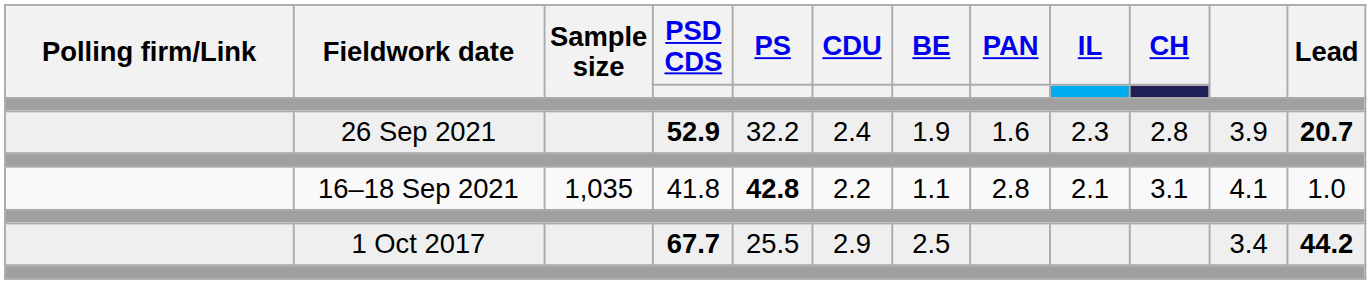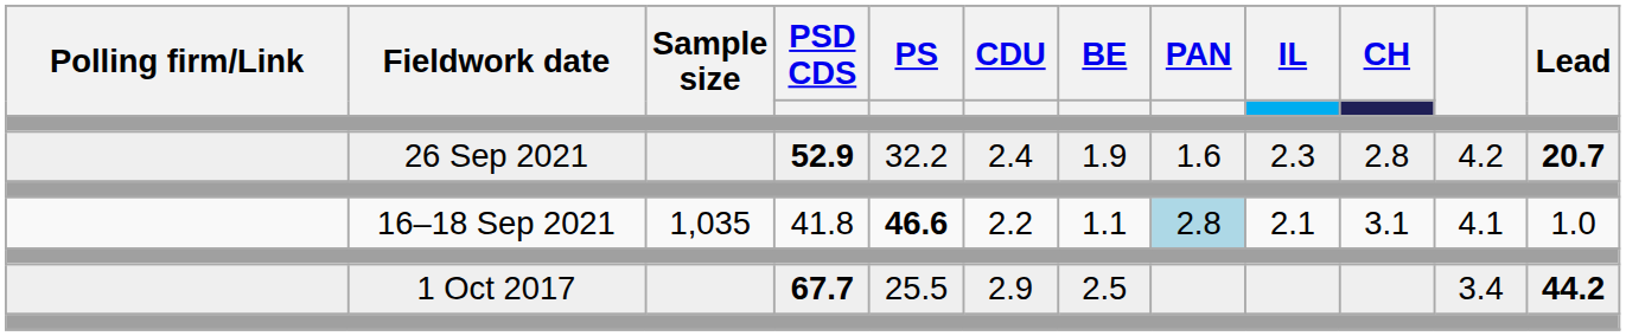 <table class="wikitable sortable mw-datatable" style="text-align:center;font-size:90%;line-height:16px;">
 <tr style="height:42px;">
 <th style="width:145px;" rowspan="2">Polling firm/Link</th>
 <th style="width:125px;" rowspan="2">Fieldwork date</th>
 <th class="unsortable" style="width:50px;" rowspan="2">Sample size</th>
 <th class="unsortable" style="width:35px;"><a href='#'>PSD</a><br><a href='#'>CDS</a></th>
 <th class="unsortable" style="width:35px;"><a href='#'>PS</a></th>
 <th class="unsortable" style="width:35px;"><a href='#'>CDU</a></th>
 <th class="unsortable" style="width:35px;"><a href='#'>BE</a></th>
 <th class="unsortable" style="width:35px;"><a href='#'>PAN</a></th>
 <th class="unsortable" style="width:35px;"><a href='#'>IL</a></th>
 <th class="unsortable" style="width:35px;"><a href='#'>CH</a></th>
 <th class="unsortable" style="width:35px;" rowspan="2"></th>
 <th class="unsortable" style="width:30px;" rowspan="2">Lead</th>
 </tr>
 <tr>
 <th class="unsortable" style="color:inherit;background:"></th>
 <th class="unsortable" style="color:inherit;background:"></th>
 <th class="unsortable" style="color:inherit;background:"></th>
 <th class="unsortable" style="color:inherit;background:"></th>
 <th class="sortable" style="background:"></th>
 <th class="sortable" style="background:#00ADEF;"></th>
 <th class="sortable" style="background:#202056;"></th>
 </tr>
 <tr>
 <td colspan="13" style="background:#A0A0A0"></td>
 </tr>
 <tr style="background:#EFEFEF;">
 <td><strong></strong></td>
 <td data-sort-value="2019-10-06">26 Sep 2021</td>
 <td></td>
 <td><strong>52.9</strong><br></td>
 <td>32.2<br></td>
 <td>2.4<br></td>
 <td>1.9<br></td>
 <td>1.6<br></td>
 <td>2.3<br></td>
 <td>2.8<br></td>
-<td>3.9</td>
+<td>4.2</td>
 <td style="background:"><strong>20.7</strong></td>
 </tr>
 <tr>
 <td colspan="13" style="background:#A0A0A0"></td>
 </tr>
 <tr>
 <td align="center"><br></td>
 <td align="center">16–18 Sep 2021</td>
 <td>1,035</td>
 <td align="center">41.8<br></td>
-<td align="center" ><strong>42.8</strong><br></td>
+<td align="center" ><strong>46.6</strong><br></td>
 <td align="center">2.2<br></td>
 <td align="center">1.1<br></td>
-<td align="center">2.8<br></td>
+<td align="center" style="background: lightblue;">2.8<br></td>
 <td align="center">2.1<br></td>
 <td align="center">3.1<br></td>
 <td align="center">4.1</td>
 <td style="background:">1.0</td>
 </tr>
 <tr>
 <td colspan="13" style="background:#A0A0A0"></td>
 </tr>
 <tr style="background:#EFEFEF;">
 <td><strong></strong></td>
 <td data-sort-value="2019-10-06">1 Oct 2017</td>
 <td></td>
 <td><strong>67.7</strong><br></td>
 <td>25.5<br></td>
 <td>2.9<br></td>
 <td>2.5<br></td>
 <td></td>
 <td></td>
 <td></td>
 <td>3.4</td>
 <td style="background:"><strong>44.2</strong></td>
 </tr>
 <tr>
 <td colspan="13" style="background:#A0A0A0"></td>
 </tr>
 <tr>
 </tr>
 </table>
